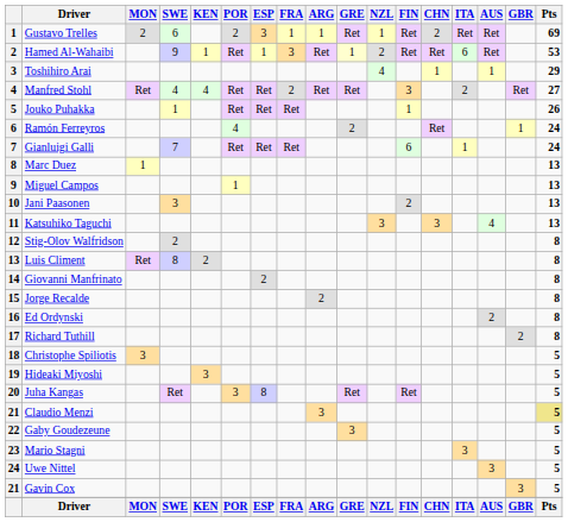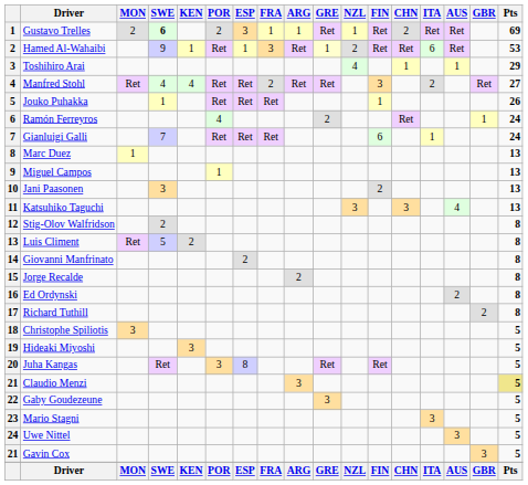 <table class="wikitable" style="font-size: 85%; text-align: center;">
 <tr valign="top">
 <th valign="middle"></th>
 <th valign="middle">Driver</th>
 <th><a href='#'>MON</a><br></th>
 <th><a href='#'>SWE</a><br></th>
 <th><a href='#'>KEN</a><br></th>
 <th><a href='#'>POR</a><br></th>
 <th><a href='#'>ESP</a><br></th>
 <th><a href='#'>FRA</a><br></th>
 <th><a href='#'>ARG</a><br></th>
 <th><a href='#'>GRE</a><br></th>
 <th><a href='#'>NZL</a><br></th>
 <th><a href='#'>FIN</a><br></th>
 <th><a href='#'>CHN</a><br></th>
 <th><a href='#'>ITA</a><br></th>
 <th><a href='#'>AUS</a><br></th>
 <th><a href='#'>GBR</a><br></th>
 <th valign="middle"> Pts </th>
 </tr>
 <tr>
 <th>1</th>
 <td align=left> <a href='#'>Gustavo Trelles</a></td>
 <td style="background:#dfdfdf;">2</td>
-<td style="background:#dfffdf;">6</td>
+<td style="background:#dfffdf;"><strong>6</strong></td>
 <td></td>
 <td style="background:#dfdfdf;">2</td>
 <td style="background:#ffdf9f;">3</td>
 <td style="background:#ffffbf;">1</td>
 <td style="background:#ffffbf;">1</td>
 <td style="background:#efcfff;">Ret</td>
 <td style="background:#ffffbf;">1</td>
 <td style="background:#efcfff;">Ret</td>
 <td style="background:#dfdfdf;">2</td>
 <td style="background:#efcfff;">Ret</td>
 <td style="background:#efcfff;">Ret</td>
 <td></td>
 <td align="right"><strong>69</strong></td>
 </tr>
 <tr>
 <th>2</th>
 <td align=left> <a href='#'>Hamed Al-Wahaibi</a></td>
 <td></td>
 <td style="background:#cfcfff;">9</td>
 <td style="background:#ffffbf;">1</td>
 <td style="background:#efcfff;">Ret</td>
 <td style="background:#ffffbf;">1</td>
 <td style="background:#ffdf9f;">3</td>
 <td style="background:#efcfff;">Ret</td>
 <td style="background:#ffffcf;">1</td>
 <td style="background:#dfdfdf;">2</td>
 <td style="background:#efcfff;">Ret</td>
 <td style="background:#efcfff;">Ret</td>
 <td style="background:#dfffdf;">6</td>
 <td style="background:#efcfff;">Ret</td>
 <td></td>
 <td align="right"><strong>53</strong></td>
 </tr>
 <tr>
 <th>3</th>
 <td align=left> <a href='#'>Toshihiro Arai</a></td>
 <td></td>
 <td></td>
 <td></td>
 <td></td>
 <td></td>
 <td></td>
 <td></td>
 <td></td>
 <td style="background:#dfffdf;">4</td>
 <td></td>
 <td style="background:#ffffbf;">1</td>
 <td></td>
 <td style="background:#ffffbf;">1</td>
 <td></td>
 <td align="right"><strong>29</strong></td>
 </tr>
 <tr>
 <th>4</th>
 <td align=left> <a href='#'>Manfred Stohl</a></td>
 <td style="background:#efcfff;">Ret</td>
 <td style="background:#dfffdf;">4</td>
 <td style="background:#dfffdf;">4</td>
 <td style="background:#efcfff;">Ret</td>
 <td style="background:#efcfff;">Ret</td>
 <td style="background:#dfdfdf;">2</td>
 <td style="background:#efcfff;">Ret</td>
 <td style="background:#efcfff;">Ret</td>
 <td></td>
 <td style="background:#ffdf9f;">3</td>
 <td></td>
 <td style="background:#dfdfdf;">2</td>
 <td></td>
 <td style="background:#efcfff;">Ret</td>
 <td align="right"><strong>27</strong></td>
 </tr>
 <tr>
 <th>5</th>
 <td align=left> <a href='#'>Jouko Puhakka</a></td>
 <td></td>
 <td style="background:#ffffbf;">1</td>
 <td></td>
 <td style="background:#efcfff;">Ret</td>
 <td style="background:#efcfff;">Ret</td>
 <td style="background:#efcfff;">Ret</td>
 <td></td>
 <td></td>
 <td></td>
 <td style="background:#ffffbf;">1</td>
 <td></td>
 <td></td>
 <td></td>
 <td></td>
 <td align="right"><strong>26</strong></td>
 </tr>
 <tr>
 <th>6</th>
 <td align=left> <a href='#'>Ramón Ferreyros</a></td>
 <td></td>
 <td></td>
 <td></td>
 <td style="background:#dfffdf;">4</td>
 <td></td>
 <td></td>
 <td></td>
 <td style="background:#dfdfdf;">2</td>
 <td></td>
 <td></td>
 <td style="background:#efcfff;">Ret</td>
 <td></td>
 <td></td>
 <td style="background:#ffffbf;">1</td>
 <td align="right"><strong>24</strong></td>
 </tr>
 <tr>
 <th>7</th>
 <td align=left> <a href='#'>Gianluigi Galli</a></td>
 <td></td>
 <td style="background:#cfcfff;">7</td>
 <td></td>
 <td style="background:#efcfff;">Ret</td>
 <td style="background:#efcfff;">Ret</td>
 <td style="background:#efcfff;">Ret</td>
 <td></td>
 <td></td>
 <td></td>
 <td style="background:#dfffdf;">6</td>
 <td></td>
 <td style="background:#ffffbf;">1</td>
 <td></td>
 <td></td>
 <td align="right"><strong>24</strong></td>
 </tr>
 <tr>
 <th>8</th>
 <td align=left> <a href='#'>Marc Duez</a></td>
 <td style="background:#ffffbf;">1</td>
 <td></td>
 <td></td>
 <td></td>
 <td></td>
 <td></td>
 <td></td>
 <td></td>
 <td></td>
 <td></td>
 <td></td>
 <td></td>
 <td></td>
 <td></td>
 <td align="right"><strong>13</strong></td>
 </tr>
 <tr>
 <th>9</th>
 <td align=left> <a href='#'>Miguel Campos</a></td>
 <td></td>
 <td></td>
 <td></td>
 <td style="background:#ffffbf;">1</td>
 <td></td>
 <td></td>
 <td></td>
 <td></td>
 <td></td>
 <td></td>
 <td></td>
 <td></td>
 <td></td>
 <td></td>
 <td align="right"><strong>13</strong></td>
 </tr>
 <tr>
 <th>10</th>
 <td align=left> <a href='#'>Jani Paasonen</a></td>
 <td></td>
 <td style="background:#ffdf9f;">3</td>
 <td></td>
 <td></td>
 <td></td>
 <td></td>
 <td></td>
 <td></td>
 <td></td>
 <td style="background:#dfdfdf;">2</td>
 <td></td>
 <td></td>
 <td></td>
 <td></td>
 <td align="right"><strong>13</strong></td>
 </tr>
 <tr>
 <th>11</th>
 <td align=left> <a href='#'>Katsuhiko Taguchi</a></td>
 <td></td>
 <td></td>
 <td></td>
 <td></td>
 <td></td>
 <td></td>
 <td></td>
 <td></td>
 <td style="background:#ffdf9f;">3</td>
 <td></td>
 <td style="background:#ffdf9f;">3</td>
 <td></td>
 <td style="background:#dfffdf;">4</td>
 <td></td>
 <td align="right"><strong>13</strong></td>
 </tr>
 <tr>
 <th>12</th>
 <td align=left nowrap> <a href='#'>Stig-Olov Walfridson</a></td>
 <td></td>
 <td style="background:#dfdfdf;">2</td>
 <td></td>
 <td></td>
 <td></td>
 <td></td>
 <td></td>
 <td></td>
 <td></td>
 <td></td>
 <td></td>
 <td></td>
 <td></td>
 <td></td>
 <td align="right"><strong>8</strong></td>
 </tr>
 <tr>
 <th>13</th>
 <td align=left> <a href='#'>Luis Climent</a></td>
 <td style="background:#efcfff;">Ret</td>
-<td style="background:#cfcfff;">8</td>
+<td style="background:#cfcfff;">5</td>
 <td style="background:#dfdfdf;">2</td>
 <td></td>
 <td></td>
 <td></td>
 <td></td>
 <td></td>
 <td></td>
 <td></td>
 <td></td>
 <td></td>
 <td></td>
 <td></td>
 <td align="right"><strong>8</strong></td>
 </tr>
 <tr>
 <th>14</th>
 <td align=left> <a href='#'>Giovanni Manfrinato</a></td>
 <td></td>
 <td></td>
 <td></td>
 <td></td>
 <td style="background:#dfdfdf;">2</td>
 <td></td>
 <td></td>
 <td></td>
 <td></td>
 <td></td>
 <td></td>
 <td></td>
 <td></td>
 <td></td>
 <td align="right"><strong>8</strong></td>
 </tr>
 <tr>
 <th>15</th>
 <td align=left> <a href='#'>Jorge Recalde</a></td>
 <td></td>
 <td></td>
 <td></td>
 <td></td>
 <td></td>
 <td></td>
 <td style="background:#dfdfdf;">2</td>
 <td></td>
 <td></td>
 <td></td>
 <td></td>
 <td></td>
 <td></td>
 <td></td>
 <td align="right"><strong>8</strong></td>
 </tr>
 <tr>
 <th>16</th>
 <td align=left> <a href='#'>Ed Ordynski</a></td>
 <td></td>
 <td></td>
 <td></td>
 <td></td>
 <td></td>
 <td></td>
 <td></td>
 <td></td>
 <td></td>
 <td></td>
 <td></td>
 <td></td>
 <td style="background:#dfdfdf;">2</td>
 <td></td>
 <td align="right"><strong>8</strong></td>
 </tr>
 <tr>
 <th>17</th>
 <td align=left> <a href='#'>Richard Tuthill</a></td>
 <td></td>
 <td></td>
 <td></td>
 <td></td>
 <td></td>
 <td></td>
 <td></td>
 <td></td>
 <td></td>
 <td></td>
 <td></td>
 <td></td>
 <td></td>
 <td style="background:#dfdfdf;">2</td>
 <td align="right"><strong>8</strong></td>
 </tr>
 <tr>
 <th>18</th>
 <td align=left> <a href='#'>Christophe Spiliotis</a></td>
 <td style="background:#ffdf9f;">3</td>
 <td></td>
 <td></td>
 <td></td>
 <td></td>
 <td></td>
 <td></td>
 <td></td>
 <td></td>
 <td></td>
 <td></td>
 <td></td>
 <td></td>
 <td></td>
 <td align="right"><strong>5</strong></td>
 </tr>
 <tr>
 <th>19</th>
 <td align=left> <a href='#'>Hideaki Miyoshi</a></td>
 <td></td>
 <td></td>
 <td style="background:#ffdf9f;">3</td>
 <td></td>
 <td></td>
 <td></td>
 <td></td>
 <td></td>
 <td></td>
 <td></td>
 <td></td>
 <td></td>
 <td></td>
 <td></td>
 <td align="right"><strong>5</strong></td>
 </tr>
 <tr>
 <th>20</th>
 <td align=left> <a href='#'>Juha Kangas</a></td>
 <td></td>
 <td style="background:#efcfff;">Ret</td>
 <td></td>
 <td style="background:#ffdf9f;">3</td>
 <td style="background:#cfcfff;">8</td>
 <td></td>
 <td></td>
 <td style="background:#efcfff;">Ret</td>
 <td></td>
 <td style="background:#efcfff;">Ret</td>
 <td></td>
 <td></td>
 <td></td>
 <td></td>
 <td align="right"><strong>5</strong></td>
 </tr>
 <tr>
 <th>21</th>
 <td align=left> <a href='#'>Claudio Menzi</a></td>
 <td></td>
 <td></td>
 <td></td>
 <td></td>
 <td></td>
 <td></td>
 <td style="background:#ffdf9f;">3</td>
 <td></td>
 <td></td>
 <td></td>
 <td></td>
 <td></td>
 <td></td>
 <td></td>
 <td align="right" style="background: khaki;"><strong>5</strong></td>
 </tr>
 <tr>
 <th>22</th>
 <td align=left> <a href='#'>Gaby Goudezeune</a></td>
 <td></td>
 <td></td>
 <td></td>
 <td></td>
 <td></td>
 <td></td>
 <td></td>
 <td style="background:#ffdf9f;">3</td>
 <td></td>
 <td></td>
 <td></td>
 <td></td>
 <td></td>
 <td></td>
 <td align="right"><strong>5</strong></td>
 </tr>
 <tr>
 <th>23</th>
 <td align=left> <a href='#'>Mario Stagni</a></td>
 <td></td>
 <td></td>
 <td></td>
 <td></td>
 <td></td>
 <td></td>
 <td></td>
 <td></td>
 <td></td>
 <td></td>
 <td></td>
 <td style="background:#ffdf9f;">3</td>
 <td></td>
 <td></td>
 <td align="right"><strong>5</strong></td>
 </tr>
 <tr>
 <th>24</th>
 <td align=left> <a href='#'>Uwe Nittel</a></td>
 <td></td>
 <td></td>
 <td></td>
 <td></td>
 <td></td>
 <td></td>
 <td></td>
 <td></td>
 <td></td>
 <td></td>
 <td></td>
 <td></td>
 <td style="background:#ffdf9f;">3</td>
 <td></td>
 <td align="right"><strong>5</strong></td>
 </tr>
 <tr>
 <th>21</th>
 <td align=left> <a href='#'>Gavin Cox</a></td>
 <td></td>
 <td></td>
 <td></td>
 <td></td>
 <td></td>
 <td></td>
 <td></td>
 <td></td>
 <td></td>
 <td></td>
 <td></td>
 <td></td>
 <td></td>
 <td style="background:#ffdf9f;">3</td>
 <td align="right"><strong>5</strong></td>
 </tr>
 <tr>
 </tr>
 <tr valign="top">
 <th valign="middle"></th>
 <th valign="middle">Driver</th>
 <th><a href='#'>MON</a><br></th>
 <th><a href='#'>SWE</a><br></th>
 <th><a href='#'>KEN</a><br></th>
 <th><a href='#'>POR</a><br></th>
 <th><a href='#'>ESP</a><br></th>
 <th><a href='#'>FRA</a><br></th>
 <th><a href='#'>ARG</a><br></th>
 <th><a href='#'>GRE</a><br></th>
 <th><a href='#'>NZL</a><br></th>
 <th><a href='#'>FIN</a><br></th>
 <th><a href='#'>CHN</a><br></th>
 <th><a href='#'>ITA</a><br></th>
 <th><a href='#'>AUS</a><br></th>
 <th><a href='#'>GBR</a><br></th>
 <th valign="middle"> Pts </th>
 </tr>
 </table>
